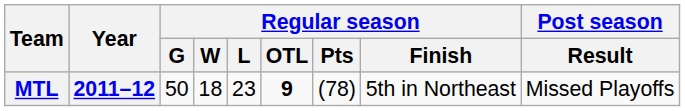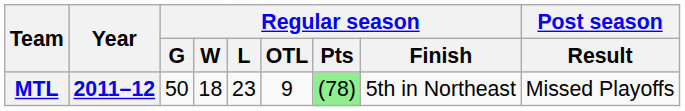 <table class="wikitable" style="font-size: 95%; text-align:center;">
 <tr>
 <th rowspan="2">Team</th>
 <th rowspan="2">Year</th>
 <th colspan="6"><a href='#'>Regular season</a></th>
 <th colspan="1"><a href='#'>Post season</a></th>
 </tr>
 <tr>
 <th>G</th>
 <th>W</th>
 <th>L</th>
 <th>OTL</th>
 <th>Pts</th>
 <th>Finish</th>
 <th>Result</th>
 </tr>
 <tr>
 <th><a href='#'>MTL</a></th>
 <th><a href='#'>2011–12</a></th>
 <td>50</td>
 <td>18</td>
 <td>23</td>
-<td><strong>9</strong></td>
-<td>(78)</td>
+<td>9</td>
+<td style="background: lightgreen;">(78)</td>
 <td>5th in Northeast</td>
 <td>Missed Playoffs</td>
 </tr>
 </table>
